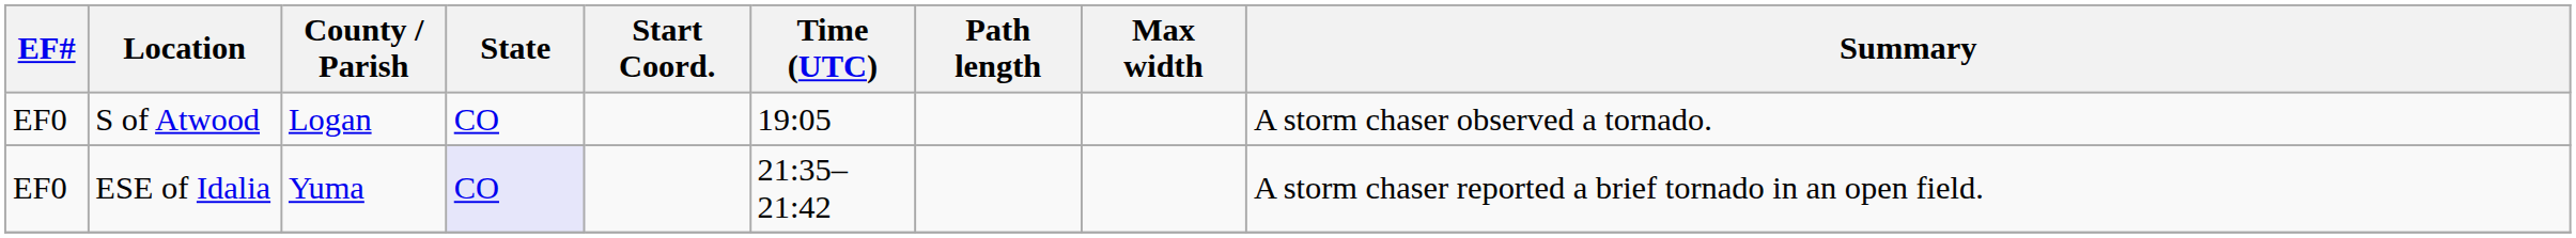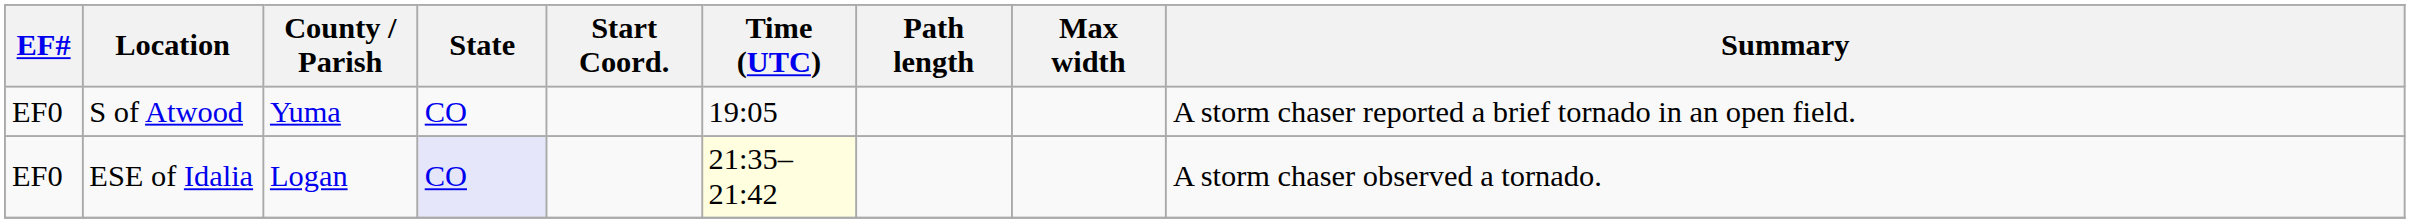 <table class="wikitable sortable" style="width:100%;">
 <tr>
 <th scope="col"  style="width:3%; text-align:center;"><a href='#'>EF#</a></th>
 <th scope="col"  style="width:7%; text-align:center;" class="unsortable">Location</th>
 <th scope="col"  style="width:6%; text-align:center;" class="unsortable">County / Parish</th>
 <th scope="col"  style="width:5%; text-align:center;">State</th>
 <th scope="col"  style="width:6%; text-align:center;">Start Coord.</th>
 <th scope="col"  style="width:6%; text-align:center;">Time (<a href='#'>UTC</a>)</th>
 <th scope="col"  style="width:6%; text-align:center;">Path length</th>
 <th scope="col"  style="width:6%; text-align:center;">Max width</th>
 <th scope="col" class="unsortable" style="width:48%; text-align:center;">Summary</th>
 </tr>
 <tr>
 <td>EF0</td>
 <td>S of <a href='#'>Atwood</a></td>
-<td><a href='#'>Logan</a></td>
+<td><a href='#'>Yuma</a></td>
 <td><a href='#'>CO</a></td>
 <td></td>
 <td>19:05</td>
 <td></td>
 <td></td>
-<td>A storm chaser observed a tornado.</td>
+<td>A storm chaser reported a brief tornado in an open field.</td>
 </tr>
 <tr>
 <td>EF0</td>
 <td>ESE of <a href='#'>Idalia</a></td>
-<td><a href='#'>Yuma</a></td>
+<td><a href='#'>Logan</a></td>
 <td style="background: lavender;"><a href='#'>CO</a></td>
 <td></td>
-<td>21:35–21:42</td>
+<td style="background: lightyellow;">21:35–21:42</td>
 <td></td>
 <td></td>
-<td>A storm chaser reported a brief tornado in an open field.</td>
+<td>A storm chaser observed a tornado.</td>
 </tr>
 <tr>
 </tr>
 </table>
